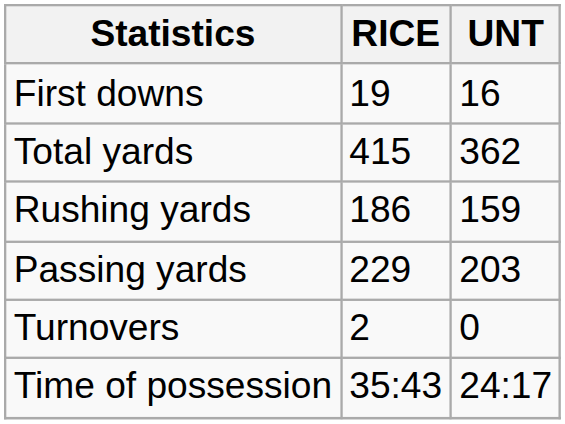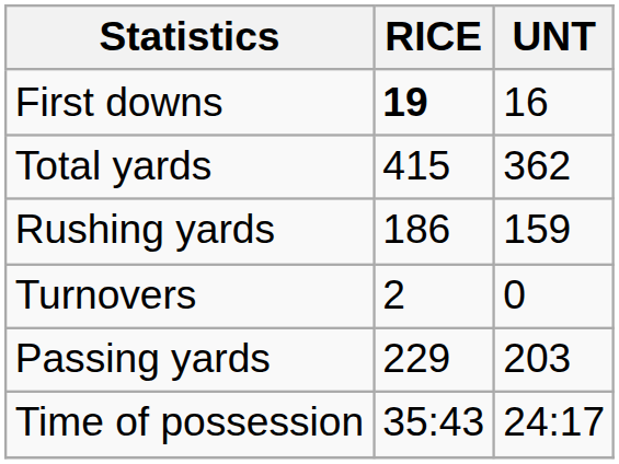 <table class="wikitable">
 <tr>
 <th>Statistics</th>
 <th>RICE</th>
 <th>UNT</th>
 </tr>
 <tr>
 <td>First downs</td>
-<td>19</td>
+<td><strong>19</strong></td>
 <td>16</td>
 </tr>
 <tr>
 <td>Total yards</td>
 <td>415</td>
 <td>362</td>
 </tr>
 <tr>
 <td>Rushing yards</td>
 <td>186</td>
 <td>159</td>
 </tr>
 <tr>
+<td>Turnovers</td>
+<td>2</td>
+<td>0</td>
+</tr>
+<tr>
 <td>Passing yards</td>
 <td>229</td>
 <td>203</td>
-</tr>
-<tr>
-<td>Turnovers</td>
-<td>2</td>
-<td>0</td>
 </tr>
 <tr>
 <td>Time of possession</td>
 <td>35:43</td>
 <td>24:17</td>
 </tr>
 <tr>
 </tr>
 </table>
